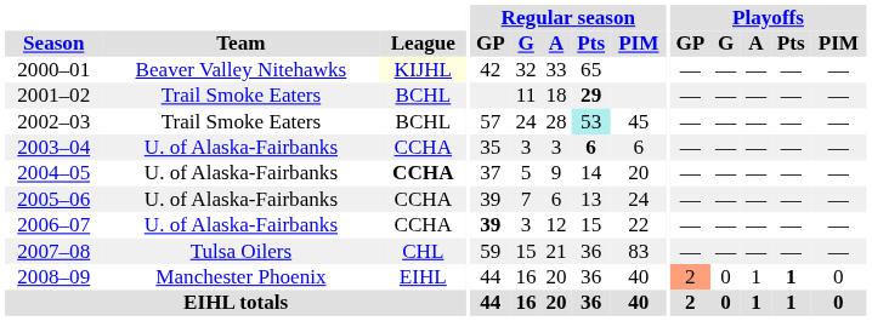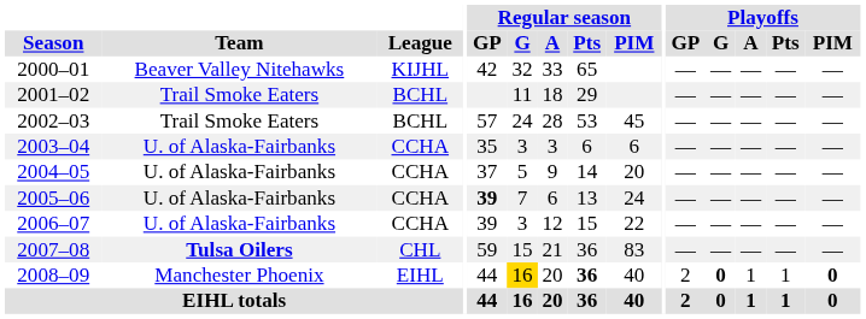 <table border="0" cellpadding="1" cellspacing="0" style="text-align:center; width:75%">
 <tr bgcolor="#e0e0e0">
 <th colspan="3" bgcolor="#ffffff"></th>
 <th rowspan="99" bgcolor="#ffffff"></th>
 <th colspan="5"><a href='#'>Regular season</a></th>
 <th rowspan="99" bgcolor="#ffffff"></th>
 <th colspan="5"><a href='#'>Playoffs</a></th>
 </tr>
 <tr bgcolor="#e0e0e0">
 <th><a href='#'>Season</a></th>
 <th>Team</th>
 <th>League</th>
 <th>GP</th>
 <th><a href='#'>G</a></th>
 <th><a href='#'>A</a></th>
 <th><a href='#'>Pts</a></th>
 <th><a href='#'>PIM</a></th>
 <th>GP</th>
 <th>G</th>
 <th>A</th>
 <th>Pts</th>
 <th>PIM</th>
 </tr>
 <tr ALIGN="center">
 <td>2000–01</td>
 <td><a href='#'>Beaver Valley Nitehawks</a></td>
-<td style="background: lightyellow;"><a href='#'>KIJHL</a></td>
+<td><a href='#'>KIJHL</a></td>
 <td>42</td>
 <td>32</td>
 <td>33</td>
 <td>65</td>
 <td></td>
 <td>—</td>
 <td>—</td>
 <td>—</td>
 <td>—</td>
 <td>—</td>
 </tr>
 <tr ALIGN="center" bgcolor="#f0f0f0">
 <td>2001–02</td>
 <td><a href='#'>Trail Smoke Eaters</a></td>
 <td><a href='#'>BCHL</a></td>
 <td></td>
 <td>11</td>
 <td>18</td>
-<td><strong>29</strong></td>
+<td>29</td>
 <td></td>
 <td>—</td>
 <td>—</td>
 <td>—</td>
 <td>—</td>
 <td>—</td>
 </tr>
 <tr ALIGN="center">
 <td>2002–03</td>
 <td>Trail Smoke Eaters</td>
 <td>BCHL</td>
 <td>57</td>
 <td>24</td>
 <td>28</td>
-<td style="background: paleturquoise;">53</td>
+<td>53</td>
 <td>45</td>
 <td>—</td>
 <td>—</td>
 <td>—</td>
 <td>—</td>
 <td>—</td>
 </tr>
 <tr ALIGN="center" bgcolor="#f0f0f0">
 <td><a href='#'>2003–04</a></td>
 <td><a href='#'>U. of Alaska-Fairbanks</a></td>
 <td><a href='#'>CCHA</a></td>
 <td>35</td>
 <td>3</td>
 <td>3</td>
-<td><strong>6</strong></td>
+<td>6</td>
 <td>6</td>
 <td>—</td>
 <td>—</td>
 <td>—</td>
 <td>—</td>
 <td>—</td>
 </tr>
 <tr ALIGN="center">
 <td><a href='#'>2004–05</a></td>
 <td>U. of Alaska-Fairbanks</td>
-<td><strong>CCHA</strong></td>
+<td>CCHA</td>
 <td>37</td>
 <td>5</td>
 <td>9</td>
 <td>14</td>
 <td>20</td>
 <td>—</td>
 <td>—</td>
 <td>—</td>
 <td>—</td>
 <td>—</td>
 </tr>
 <tr ALIGN="center" bgcolor="#f0f0f0">
 <td><a href='#'>2005–06</a></td>
 <td>U. of Alaska-Fairbanks</td>
 <td>CCHA</td>
-<td>39</td>
+<td><strong>39</strong></td>
 <td>7</td>
 <td>6</td>
 <td>13</td>
 <td>24</td>
 <td>—</td>
 <td>—</td>
 <td>—</td>
 <td>—</td>
 <td>—</td>
 </tr>
 <tr ALIGN="center">
 <td><a href='#'>2006–07</a></td>
 <td><a href='#'>U. of Alaska-Fairbanks</a></td>
 <td>CCHA</td>
-<td><strong>39</strong></td>
+<td>39</td>
 <td>3</td>
 <td>12</td>
 <td>15</td>
 <td>22</td>
 <td>—</td>
 <td>—</td>
 <td>—</td>
 <td>—</td>
 <td>—</td>
 </tr>
 <tr ALIGN="center" bgcolor="#f0f0f0">
 <td><a href='#'>2007–08</a></td>
-<td><a href='#'>Tulsa Oilers</a></td>
+<td><strong><a href='#'>Tulsa Oilers</a></strong></td>
 <td><a href='#'>CHL</a></td>
 <td>59</td>
 <td>15</td>
 <td>21</td>
 <td>36</td>
 <td>83</td>
 <td>—</td>
 <td>—</td>
 <td>—</td>
 <td>—</td>
 <td>—</td>
 </tr>
 <tr ALIGN="center">
 <td><a href='#'>2008–09</a></td>
 <td><a href='#'>Manchester Phoenix</a></td>
 <td><a href='#'>EIHL</a></td>
 <td>44</td>
-<td>16</td>
+<td style="background: gold;">16</td>
 <td>20</td>
-<td>36</td>
+<td><strong>36</strong></td>
 <td>40</td>
-<td style="background: lightsalmon;">2</td>
-<td>0</td>
+<td>2</td>
+<td><strong>0</strong></td>
 <td>1</td>
-<td><strong>1</strong></td>
-<td>0</td>
+<td>1</td>
+<td><strong>0</strong></td>
 </tr>
 <tr bgcolor="#e0e0e0">
 <th colspan="3">EIHL totals</th>
 <th>44</th>
 <th>16</th>
 <th>20</th>
 <th>36</th>
 <th>40</th>
 <th>2</th>
 <th>0</th>
 <th>1</th>
 <th>1</th>
 <th>0</th>
 </tr>
 </table>
